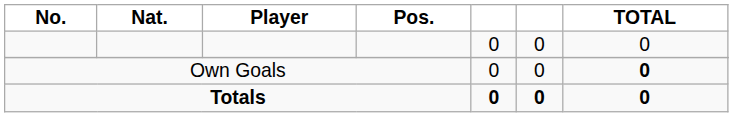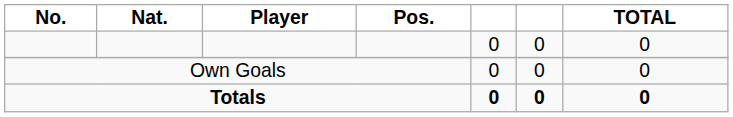 <table class="wikitable sortable alternance" style="font-size:96%; text-align:center; line-height:14px; width:65%;">
 <tr>
 <th style="background:white; color:black; text-align:center;">No.</th>
 <th style="background:white; color:black; text-align:center;">Nat.</th>
 <th style="background:white; color:black; text-align:center;">Player</th>
 <th style="background:white; color:black; text-align:center;">Pos.</th>
 <th style="background:white; color:black; text-align:center;"></th>
 <th style="background:white; color:black; text-align:center;"></th>
 <th style="background:white; color:black; text-align:center;">TOTAL</th>
 </tr>
 <tr>
 <td></td>
 <td></td>
 <td></td>
 <td></td>
 <td>0</td>
 <td>0</td>
 <td>0</td>
 </tr>
 <tr>
 </tr>
 <tr class="sortbottom">
 <td colspan="4">Own Goals</td>
 <td>0</td>
 <td>0</td>
-<td><strong>0</strong></td>
+<td>0</td>
 </tr>
 <tr class="sortbottom">
 <td colspan="4"><strong>Totals</strong></td>
 <td><strong>0</strong></td>
 <td><strong>0</strong></td>
 <td><strong>0</strong></td>
 </tr>
 </table>
